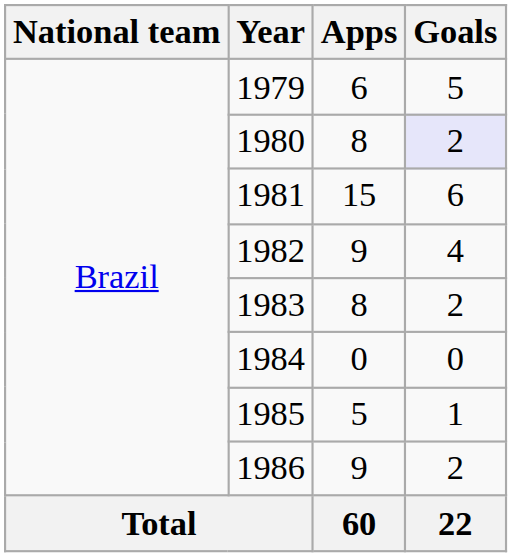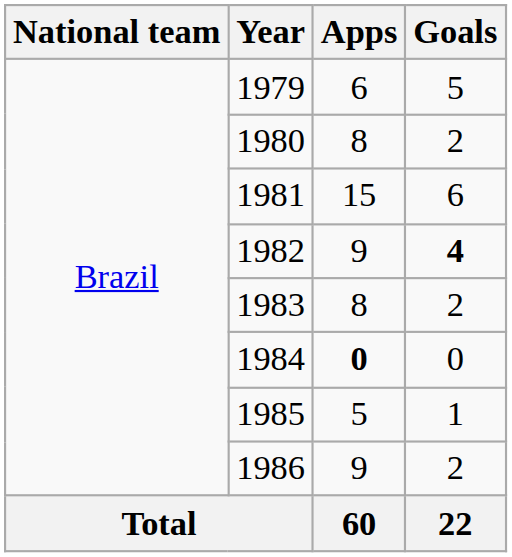 <table class="wikitable" style="text-align:center">
 <tr>
 <th>National team</th>
 <th>Year</th>
 <th>Apps</th>
 <th>Goals</th>
 </tr>
 <tr>
 <td rowspan="8"><a href='#'>Brazil</a></td>
 <td>1979</td>
 <td>6</td>
 <td>5</td>
 </tr>
 <tr>
 <td>1980</td>
 <td>8</td>
-<td style="background: lavender;">2</td>
+<td>2</td>
 </tr>
 <tr>
 <td>1981</td>
 <td>15</td>
 <td>6</td>
 </tr>
 <tr>
 <td>1982</td>
 <td>9</td>
-<td>4</td>
+<td><strong>4</strong></td>
 </tr>
 <tr>
 <td>1983</td>
 <td>8</td>
 <td>2</td>
 </tr>
 <tr>
 <td>1984</td>
-<td>0</td>
+<td><strong>0</strong></td>
 <td>0</td>
 </tr>
 <tr>
 <td>1985</td>
 <td>5</td>
 <td>1</td>
 </tr>
 <tr>
 <td>1986</td>
 <td>9</td>
 <td>2</td>
 </tr>
 <tr>
 <th colspan="2">Total</th>
 <th>60</th>
 <th>22</th>
 </tr>
 </table>
